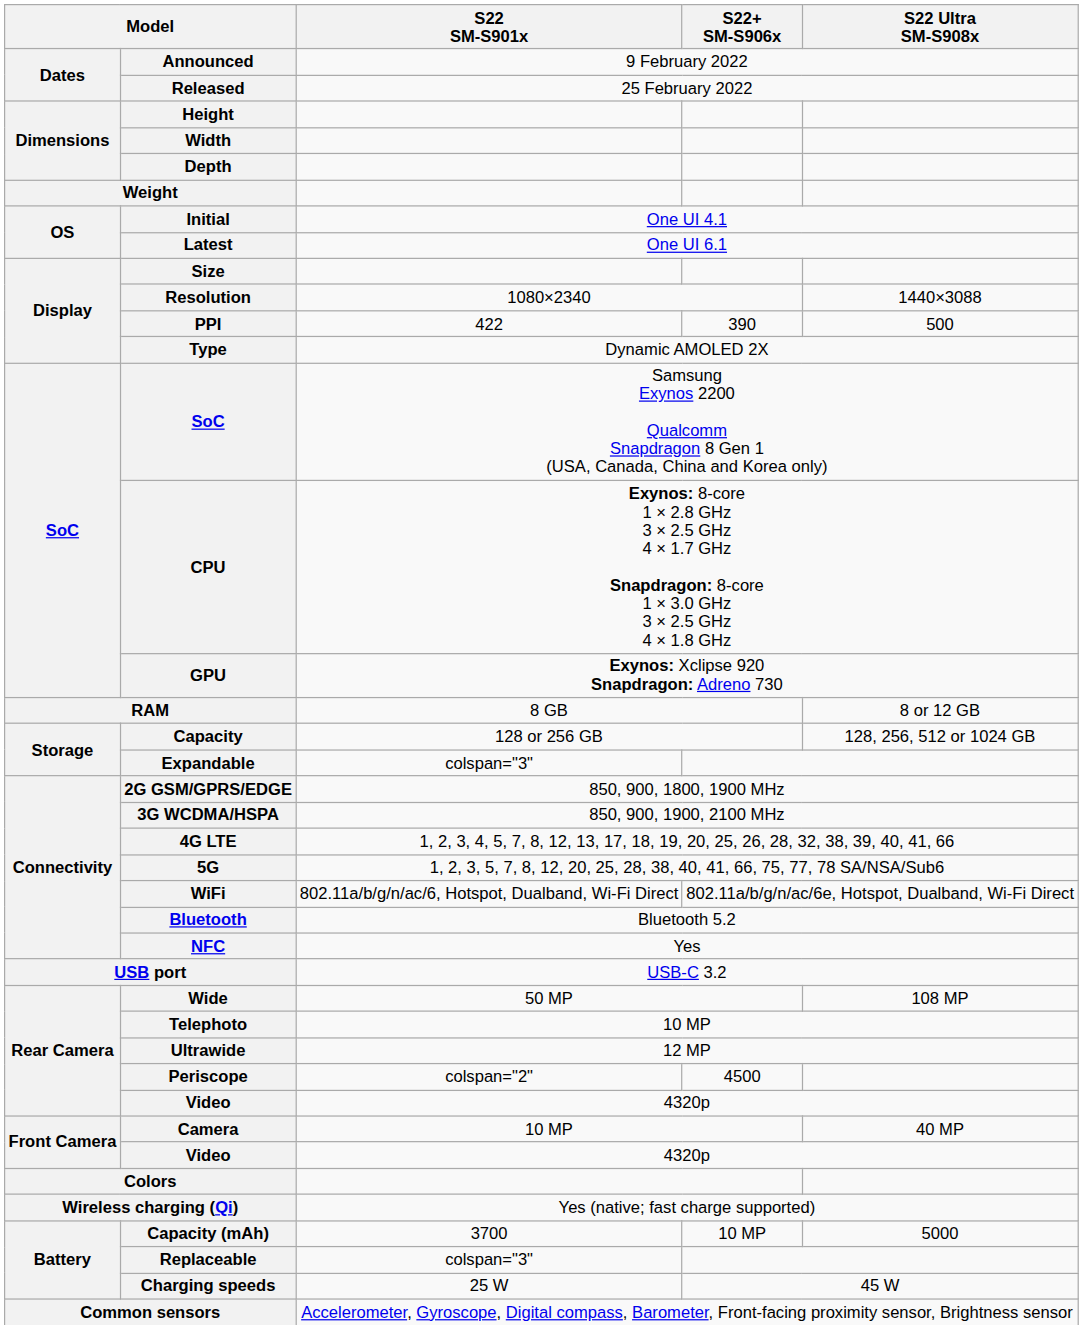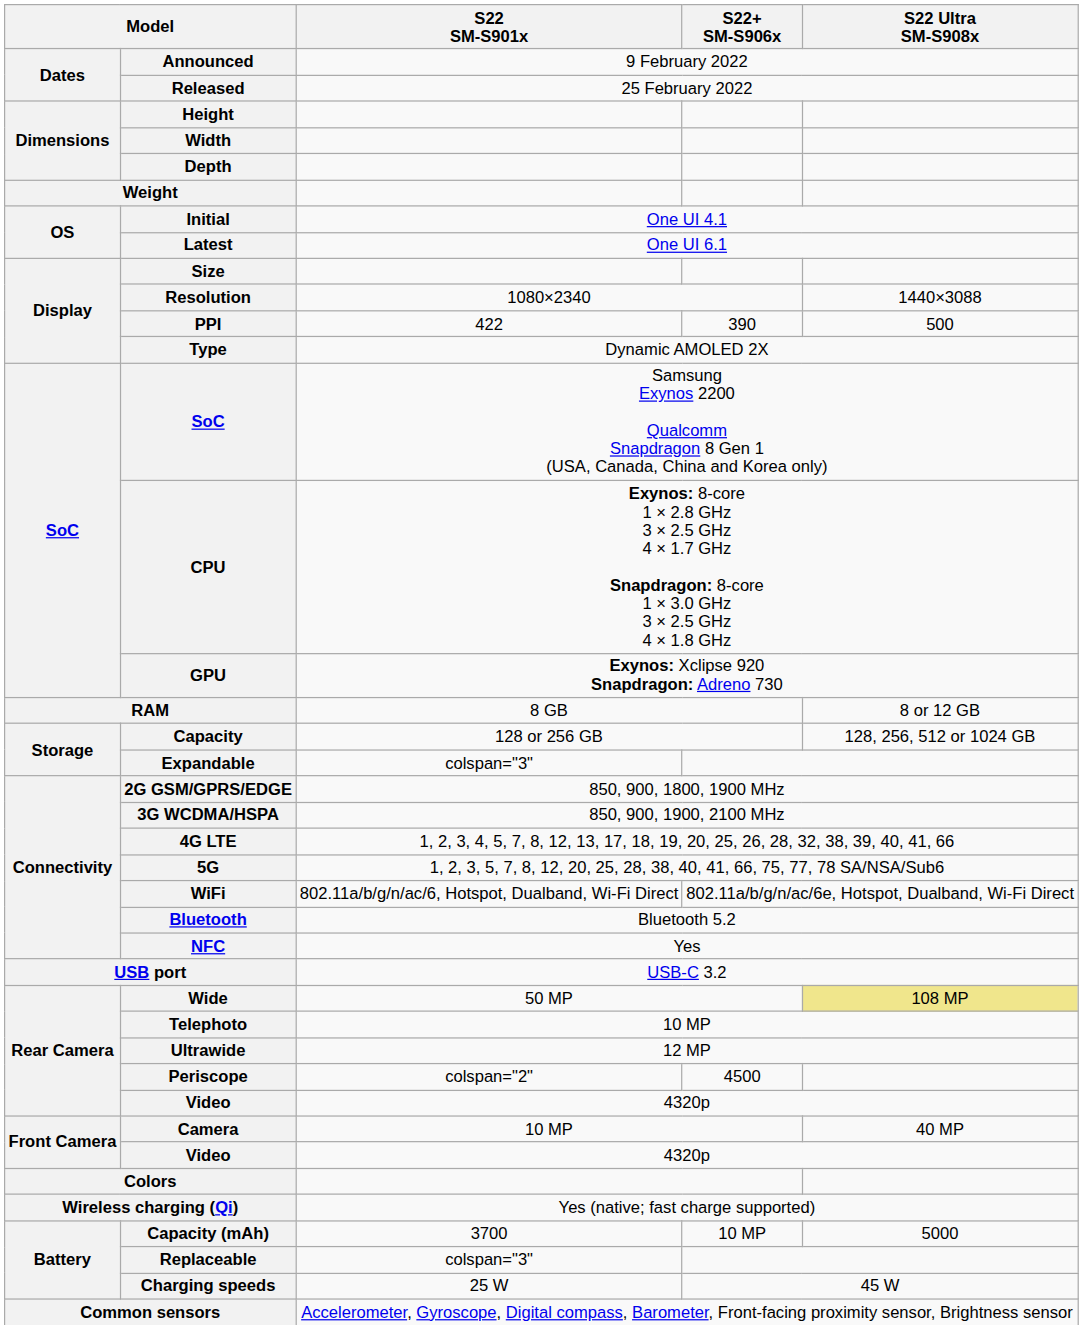 <table class="wikitable" style="text-align: center; font-size:85%">
 <tr>
 <th colspan="2">Model</th>
 <th>S22<br>SM-S901x</th>
 <th>S22+<br>SM-S906x</th>
 <th>S22 Ultra<br>SM-S908x</th>
 </tr>
 <tr>
 <th rowspan="2">Dates</th>
 <th>Announced</th>
 <td colspan="3">9 February 2022</td>
 </tr>
 <tr>
 <th>Released</th>
 <td colspan="3">25 February 2022</td>
 </tr>
 <tr>
 <th rowspan="3">Dimensions<br></th>
 <th>Height</th>
 <td></td>
 <td></td>
 <td></td>
 </tr>
 <tr>
 <th>Width</th>
 <td></td>
 <td></td>
 <td></td>
 </tr>
 <tr>
 <th>Depth</th>
 <td></td>
 <td></td>
 <td></td>
 </tr>
 <tr>
 <th colspan="2">Weight<br></th>
 <td></td>
 <td></td>
 <td></td>
 </tr>
 <tr>
 <th rowspan="2" title="Operating System">OS</th>
 <th>Initial</th>
 <td colspan="4"><a href='#'>One UI 4.1</a><br></td>
 </tr>
 <tr>
 <th>Latest</th>
 <td colspan="4"><a href='#'>One UI 6.1</a><br></td>
 </tr>
 <tr>
 <th rowspan="4">Display</th>
 <th>Size</th>
 <td></td>
 <td></td>
 <td></td>
 </tr>
 <tr>
 <th>Resolution</th>
 <td colspan="2">1080×2340</td>
 <td>1440×3088</td>
 </tr>
 <tr>
 <th title="Pixels per Inch">PPI</th>
 <td>422</td>
 <td>390</td>
 <td>500</td>
 </tr>
 <tr>
 <th>Type</th>
 <td colspan="3">Dynamic AMOLED 2X</td>
 </tr>
 <tr>
 <th rowspan="3"><a href='#'>SoC</a></th>
 <th><a href='#'>SoC</a></th>
 <td colspan="3">Samsung<br><a href='#'>Exynos</a> 2200<br><br><a href='#'>Qualcomm</a><br><a href='#'>Snapdragon</a> 8 Gen 1<br>(USA, Canada, China and Korea only)</td>
 </tr>
 <tr>
 <th>CPU</th>
 <td colspan="3"><strong>Exynos:</strong> 8-core<br>1 × 2.8 GHz<br>3 × 2.5 GHz<br>4 × 1.7 GHz<br><br><strong>Snapdragon:</strong> 8-core<br>1 × 3.0 GHz<br>3 × 2.5 GHz<br>4 × 1.8 GHz</td>
 </tr>
 <tr>
 <th>GPU</th>
 <td colspan="3"><strong>Exynos:</strong> Xclipse 920<br><strong>Snapdragon:</strong> <a href='#'>Adreno</a> 730</td>
 </tr>
 <tr>
 <th colspan="2">RAM</th>
 <td colspan="2">8 GB</td>
 <td>8 or 12 GB</td>
 </tr>
 <tr>
 <th rowspan="2">Storage</th>
 <th>Capacity</th>
 <td colspan="2">128 or 256 GB</td>
 <td>128, 256, 512 or 1024 GB</td>
 </tr>
 <tr>
 <th>Expandable</th>
 <td>colspan="3" </td>
 </tr>
 <tr>
 <th rowspan="7">Connectivity</th>
 <th>2G GSM/GPRS/EDGE</th>
 <td colspan="4">850, 900, 1800, 1900 MHz</td>
 </tr>
 <tr>
 <th>3G WCDMA/HSPA</th>
 <td colspan="4">850, 900, 1900, 2100 MHz</td>
 </tr>
 <tr>
 <th>4G LTE</th>
 <td colspan="3">1, 2, 3, 4, 5, 7, 8, 12, 13, 17, 18, 19, 20, 25, 26, 28, 32, 38, 39, 40, 41, 66</td>
 </tr>
 <tr>
 <th>5G</th>
 <td colspan="3">1, 2, 3, 5, 7, 8, 12, 20, 25, 28, 38, 40, 41, 66, 75, 77, 78 SA/NSA/Sub6</td>
 </tr>
 <tr>
 <th>WiFi</th>
 <td>802.11a/b/g/n/ac/6, Hotspot, Dualband, Wi-Fi Direct</td>
 <td colspan="2">802.11a/b/g/n/ac/6e, Hotspot, Dualband, Wi-Fi Direct</td>
 </tr>
 <tr>
 <th><a href='#'>Bluetooth</a></th>
 <td colspan="3">Bluetooth 5.2</td>
 </tr>
 <tr>
 <th><a href='#'>NFC</a></th>
 <td colspan="3">Yes</td>
 </tr>
 <tr>
 <th colspan="2"><a href='#'>USB</a> port</th>
 <td colspan="3"><a href='#'>USB-C</a> 3.2</td>
 </tr>
 <tr>
 <th rowspan="5">Rear Camera</th>
 <th>Wide</th>
 <td colspan="2">50 MP</td>
-<td>108 MP</td>
+<td style="background: khaki;">108 MP</td>
 </tr>
 <tr>
 <th>Telephoto</th>
 <td colspan="3">10 MP</td>
 </tr>
 <tr>
 <th>Ultrawide</th>
 <td colspan="3">12 MP</td>
 </tr>
 <tr>
 <th>Periscope</th>
 <td>colspan="2" </td>
 <td>4500</td>
 </tr>
 <tr>
 <th>Video</th>
 <td colspan="4">4320p</td>
 </tr>
 <tr>
 <th rowspan="2">Front Camera</th>
 <th>Camera</th>
 <td colspan="2">10 MP</td>
 <td>40 MP</td>
 </tr>
 <tr>
 <th>Video</th>
 <td colspan="4">4320p</td>
 </tr>
 <tr>
 <th colspan="2">Colors</th>
 <td colspan="2"></td>
 <td></td>
 </tr>
 <tr>
 <th colspan="2">Wireless charging (<a href='#'>Qi</a>)</th>
 <td colspan="3">Yes (native; fast charge supported)</td>
 </tr>
 <tr>
 <th rowspan="3">Battery</th>
 <th>Capacity (mAh)</th>
 <td>3700</td>
 <td>10 MP</td>
 <td>5000</td>
 </tr>
 <tr>
 <th>Replaceable</th>
 <td>colspan="3" </td>
 </tr>
 <tr>
 <th>Charging speeds</th>
 <td>25 W</td>
 <td colspan="2">45 W</td>
 </tr>
 <tr>
 <th colspan="2">Common sensors</th>
 <td colspan="3"><a href='#'>Accelerometer</a>, <a href='#'>Gyroscope</a>, <a href='#'>Digital compass</a>, <a href='#'>Barometer</a>, Front-facing proximity sensor, Brightness sensor</td>
 </tr>
 </table>
